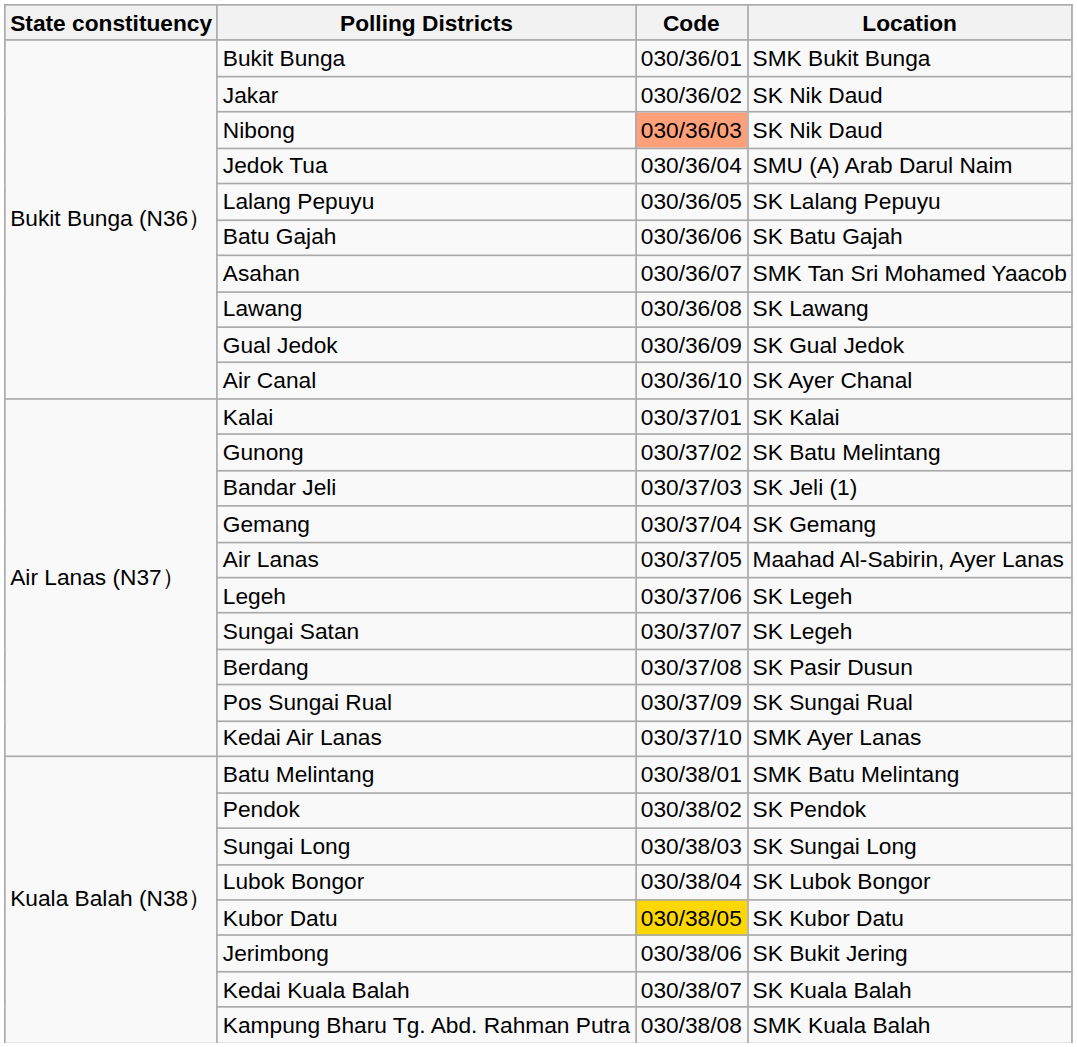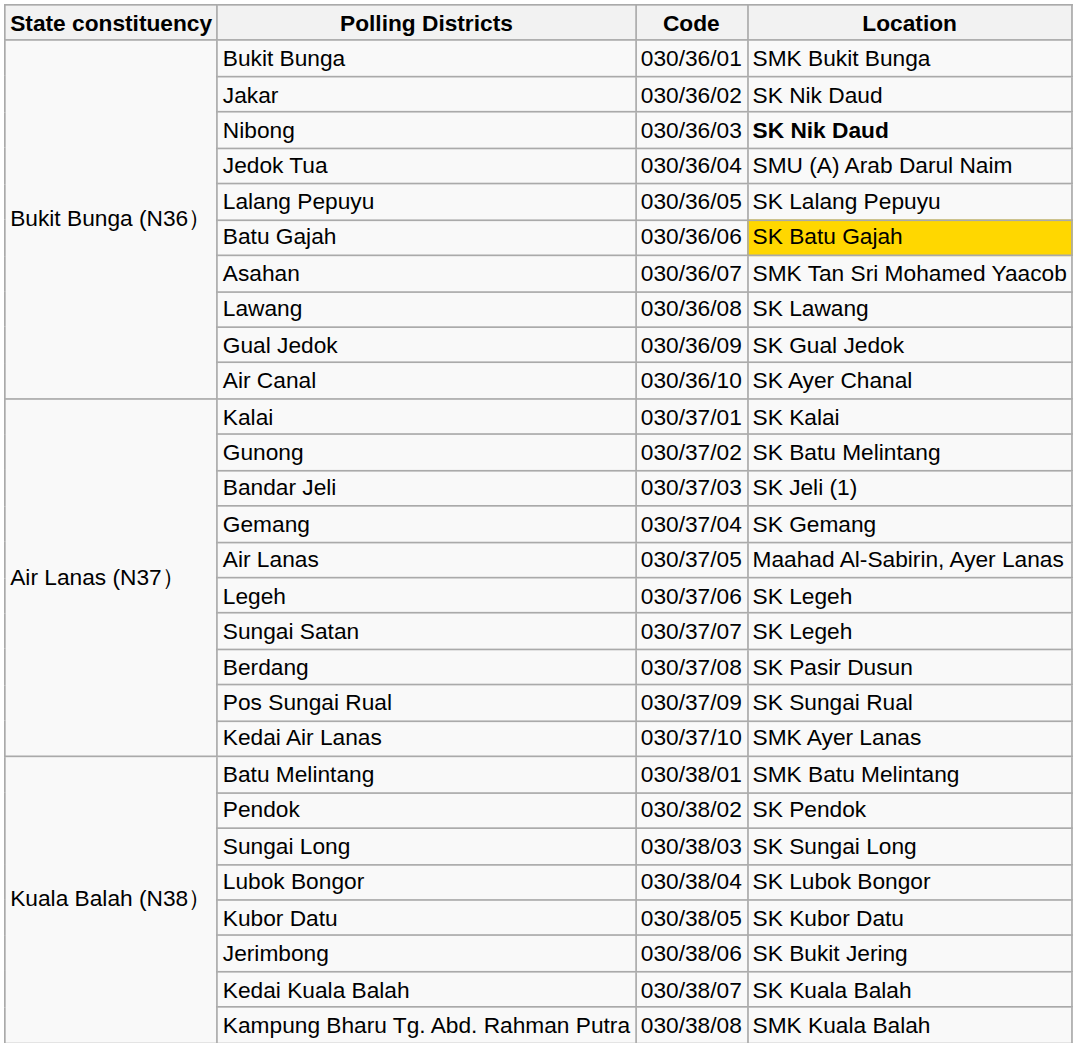 <table class="wikitable sortable mw-collapsible" style="white-space:nowrap;font-size:85%">
 <tr>
 <th>State constituency</th>
 <th>Polling Districts</th>
 <th>Code</th>
 <th>Location</th>
 </tr>
 <tr>
 <td rowspan="10">Bukit Bunga (N36）</td>
 <td>Bukit Bunga</td>
 <td>030/36/01</td>
 <td>SMK Bukit Bunga</td>
 </tr>
 <tr>
 <td>Jakar</td>
 <td>030/36/02</td>
 <td>SK Nik Daud</td>
 </tr>
 <tr>
 <td>Nibong</td>
-<td style="background: lightsalmon;">030/36/03</td>
-<td>SK Nik Daud</td>
+<td>030/36/03</td>
+<td><strong>SK Nik Daud</strong></td>
 </tr>
 <tr>
 <td>Jedok Tua</td>
 <td>030/36/04</td>
 <td>SMU (A) Arab Darul Naim</td>
 </tr>
 <tr>
 <td>Lalang Pepuyu</td>
 <td>030/36/05</td>
 <td>SK Lalang Pepuyu</td>
 </tr>
 <tr>
 <td>Batu Gajah</td>
 <td>030/36/06</td>
-<td>SK Batu Gajah</td>
+<td style="background: gold;">SK Batu Gajah</td>
 </tr>
 <tr>
 <td>Asahan</td>
 <td>030/36/07</td>
 <td>SMK Tan Sri Mohamed Yaacob</td>
 </tr>
 <tr>
 <td>Lawang</td>
 <td>030/36/08</td>
 <td>SK Lawang</td>
 </tr>
 <tr>
 <td>Gual Jedok</td>
 <td>030/36/09</td>
 <td>SK Gual Jedok</td>
 </tr>
 <tr>
 <td>Air Canal</td>
 <td>030/36/10</td>
 <td>SK Ayer Chanal</td>
 </tr>
 <tr>
 <td rowspan="10">Air Lanas (N37）</td>
 <td>Kalai</td>
 <td>030/37/01</td>
 <td>SK Kalai</td>
 </tr>
 <tr>
 <td>Gunong</td>
 <td>030/37/02</td>
 <td>SK Batu Melintang</td>
 </tr>
 <tr>
 <td>Bandar Jeli</td>
 <td>030/37/03</td>
 <td>SK Jeli (1)</td>
 </tr>
 <tr>
 <td>Gemang</td>
 <td>030/37/04</td>
 <td>SK Gemang</td>
 </tr>
 <tr>
 <td>Air Lanas</td>
 <td>030/37/05</td>
 <td>Maahad Al-Sabirin, Ayer Lanas</td>
 </tr>
 <tr>
 <td>Legeh</td>
 <td>030/37/06</td>
 <td>SK Legeh</td>
 </tr>
 <tr>
 <td>Sungai Satan</td>
 <td>030/37/07</td>
 <td>SK Legeh</td>
 </tr>
 <tr>
 <td>Berdang</td>
 <td>030/37/08</td>
 <td>SK Pasir Dusun</td>
 </tr>
 <tr>
 <td>Pos Sungai Rual</td>
 <td>030/37/09</td>
 <td>SK Sungai Rual</td>
 </tr>
 <tr>
 <td>Kedai Air Lanas</td>
 <td>030/37/10</td>
 <td>SMK Ayer Lanas</td>
 </tr>
 <tr>
 <td rowspan="8">Kuala Balah (N38）</td>
 <td>Batu Melintang</td>
 <td>030/38/01</td>
 <td>SMK Batu Melintang</td>
 </tr>
 <tr>
 <td>Pendok</td>
 <td>030/38/02</td>
 <td>SK Pendok</td>
 </tr>
 <tr>
 <td>Sungai Long</td>
 <td>030/38/03</td>
 <td>SK Sungai Long</td>
 </tr>
 <tr>
 <td>Lubok Bongor</td>
 <td>030/38/04</td>
 <td>SK Lubok Bongor</td>
 </tr>
 <tr>
 <td>Kubor Datu</td>
-<td style="background: gold;">030/38/05</td>
+<td>030/38/05</td>
 <td>SK Kubor Datu</td>
 </tr>
 <tr>
 <td>Jerimbong</td>
 <td>030/38/06</td>
 <td>SK Bukit Jering</td>
 </tr>
 <tr>
 <td>Kedai Kuala Balah</td>
 <td>030/38/07</td>
 <td>SK Kuala Balah</td>
 </tr>
 <tr>
 <td>Kampung Bharu Tg. Abd. Rahman Putra</td>
 <td>030/38/08</td>
 <td>SMK Kuala Balah</td>
 </tr>
 </table>
